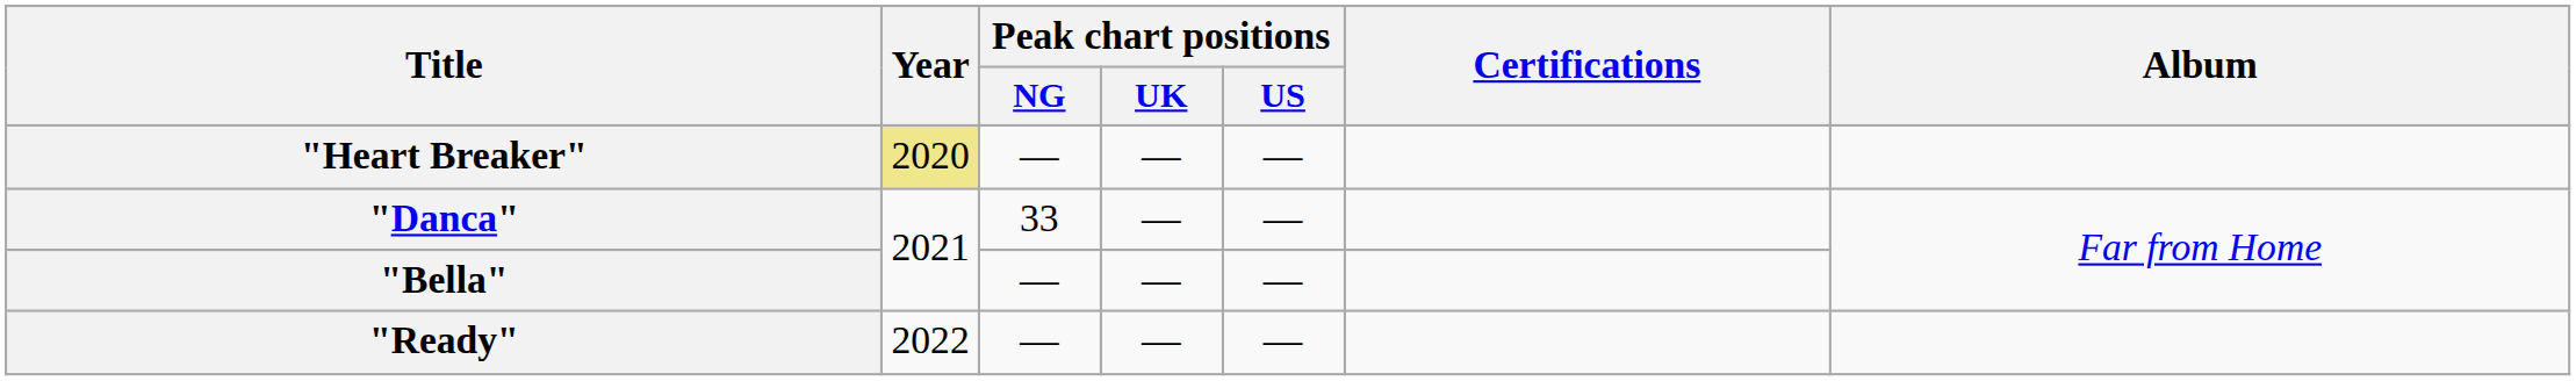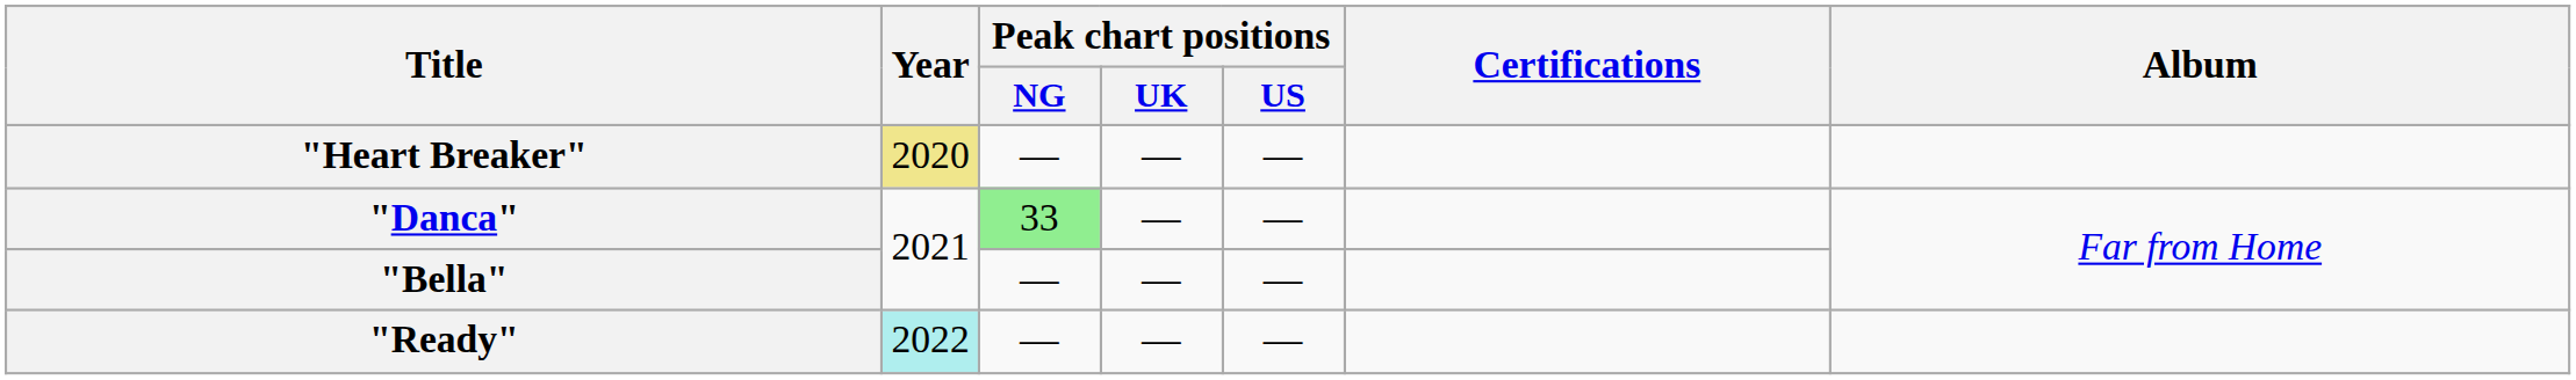 <table class="wikitable plainrowheaders" style="text-align:center;" border="1">
 <tr>
 <th scope="col" rowspan="2" style="width:22em;">Title</th>
 <th scope="col" rowspan="2" style="width:1em;">Year</th>
 <th scope="col" colspan="3">Peak chart positions</th>
 <th scope="col" rowspan="2" style="width:12em;"><a href='#'>Certifications</a></th>
 <th scope="col" rowspan="2" style="width:18.5em;">Album</th>
 </tr>
 <tr>
 <th scope="col" style="width:3em;font-size:90%;"><a href='#'>NG</a><br></th>
 <th scope="col" style="width:3em;font-size:90%;"><a href='#'>UK</a><br></th>
 <th scope="col" style="width:3em;font-size:90%;"><a href='#'>US</a><br></th>
 </tr>
 <tr>
 <th scope="row">"Heart Breaker"</th>
 <td rowspan="1" style="background: khaki;">2020</td>
 <td>—</td>
 <td>—</td>
 <td>—</td>
 <td></td>
 <td></td>
 </tr>
 <tr>
 <th scope="row">"<a href='#'>Danca</a>"</th>
 <td rowspan="2">2021</td>
-<td>33</td>
+<td style="background: lightgreen;">33</td>
 <td>—</td>
 <td>—</td>
 <td></td>
 <td rowspan="2"><em><a href='#'>Far from Home</a></em></td>
 </tr>
 <tr>
 <th scope="row">"Bella"</th>
 <td>—</td>
 <td>—</td>
 <td>—</td>
 <td></td>
 </tr>
 <tr>
 <th scope="row">"Ready" </th>
-<td>2022</td>
+<td style="background: paleturquoise;">2022</td>
 <td>—</td>
 <td>—</td>
 <td>—</td>
 <td></td>
 <td></td>
 </tr>
 </table>
